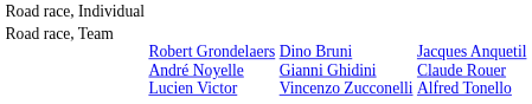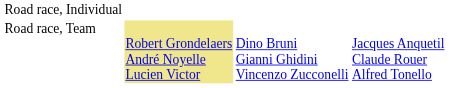 <table>
 <tr>
 <td>Road race, Individual<br></td>
 <td></td>
 <td></td>
 <td></td>
 </tr>
 <tr valign="top">
 <td>Road race, Team<br></td>
-<td><br><a href='#'>Robert Grondelaers</a><br><a href='#'>André Noyelle</a><br><a href='#'>Lucien Victor</a></td>
+<td style="background: khaki;"><br><a href='#'>Robert Grondelaers</a><br><a href='#'>André Noyelle</a><br><a href='#'>Lucien Victor</a></td>
 <td><br><a href='#'>Dino Bruni</a><br><a href='#'>Gianni Ghidini</a><br><a href='#'>Vincenzo Zucconelli</a></td>
 <td><br><a href='#'>Jacques Anquetil</a><br><a href='#'>Claude Rouer</a><br><a href='#'>Alfred Tonello</a></td>
 </tr>
 </table>
